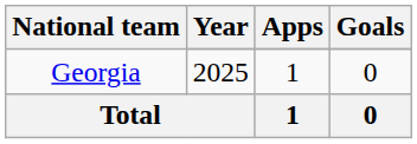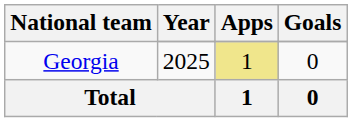 <table class="wikitable" style="text-align:center">
 <tr>
 <th>National team</th>
 <th>Year</th>
 <th>Apps</th>
 <th>Goals</th>
 </tr>
 <tr>
 <td rowspan=2><a href='#'>Georgia</a></td>
 </tr>
 <tr>
 <td>2025</td>
-<td>1</td>
+<td style="background: khaki;">1</td>
 <td>0</td>
 </tr>
 <tr>
 <th colspan=2>Total</th>
 <th>1</th>
 <th>0</th>
 </tr>
 </table>
